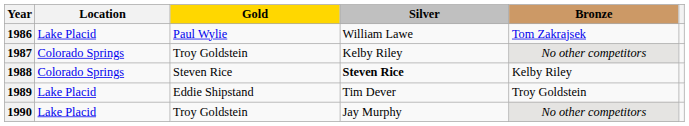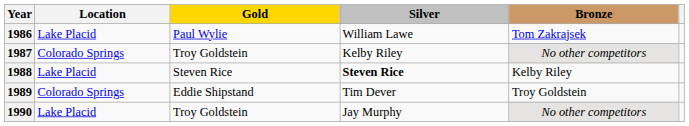 <table class="wikitable unsortable" style="text-align:left; width:100%;">
 <tr>
 <th scope="col" style="text-align:center;">Year</th>
 <th scope="col" style="text-align:center; width:20%">Location</th>
 <td scope="col" style="text-align:center; width:25%; background:gold"><strong>Gold</strong></td>
 <td scope="col" style="text-align:center; width:25%; background:silver"><strong>Silver</strong></td>
 <td scope="col" style="text-align:center; width:25%; background:#c96"><strong>Bronze</strong></td>
 <th scope="col" style="text-align:center"></th>
 </tr>
 <tr>
 <th scope="row">1986</th>
 <td><a href='#'>Lake Placid</a></td>
 <td><a href='#'>Paul Wylie</a></td>
 <td>William Lawe</td>
 <td><a href='#'>Tom Zakrajsek</a></td>
 <td></td>
 </tr>
 <tr>
 <th scope="row">1987</th>
 <td><a href='#'>Colorado Springs</a></td>
 <td>Troy Goldstein</td>
 <td>Kelby Riley</td>
 <td align="center" bgcolor="e5e4e2"><em>No other competitors</em></td>
 <td></td>
 </tr>
 <tr>
 <th scope="row">1988</th>
-<td><a href='#'>Colorado Springs</a></td>
+<td><a href='#'>Lake Placid</a></td>
 <td>Steven Rice</td>
 <td><strong>Steven Rice</strong></td>
 <td>Kelby Riley</td>
 <td></td>
 </tr>
 <tr>
 <th scope="row">1989</th>
-<td><a href='#'>Lake Placid</a></td>
+<td><a href='#'>Colorado Springs</a></td>
 <td>Eddie Shipstand</td>
 <td>Tim Dever</td>
 <td>Troy Goldstein</td>
 <td></td>
 </tr>
 <tr>
 <th scope="row">1990</th>
 <td><a href='#'>Lake Placid</a></td>
 <td>Troy Goldstein</td>
 <td>Jay Murphy</td>
 <td align="center" bgcolor="e5e4e2"><em>No other competitors</em></td>
 <td></td>
 </tr>
 </table>
